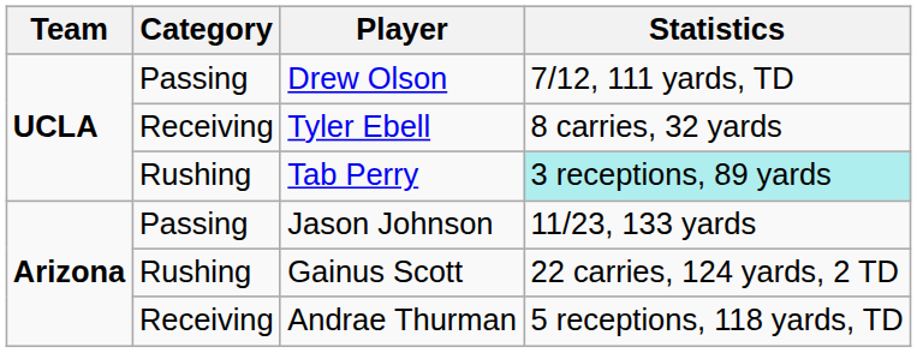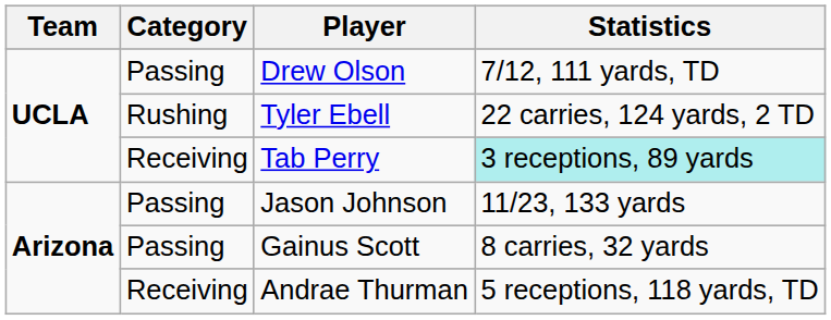 <table class="wikitable" style="float: right;">
 <tr>
 <th>Team</th>
 <th>Category</th>
 <th>Player</th>
 <th>Statistics</th>
 </tr>
 <tr>
 <td rowspan=3><strong>UCLA</strong></td>
 <td>Passing</td>
 <td><a href='#'>Drew Olson</a></td>
 <td>7/12, 111 yards, TD</td>
 </tr>
 <tr>
-<td>Receiving</td>
+<td>Rushing</td>
 <td><a href='#'>Tyler Ebell</a></td>
-<td>8 carries, 32 yards</td>
+<td>22 carries, 124 yards, 2 TD</td>
 </tr>
 <tr>
-<td>Rushing</td>
+<td>Receiving</td>
 <td><a href='#'>Tab Perry</a></td>
 <td style="background: paleturquoise;">3 receptions, 89 yards</td>
 </tr>
 <tr>
 <td rowspan=3><strong>Arizona</strong></td>
 <td>Passing</td>
 <td>Jason Johnson</td>
 <td>11/23, 133 yards</td>
 </tr>
 <tr>
-<td>Rushing</td>
+<td>Passing</td>
 <td>Gainus Scott</td>
-<td>22 carries, 124 yards, 2 TD</td>
+<td>8 carries, 32 yards</td>
 </tr>
 <tr>
 <td>Receiving</td>
 <td>Andrae Thurman</td>
 <td>5 receptions, 118 yards, TD</td>
 </tr>
 </table>
